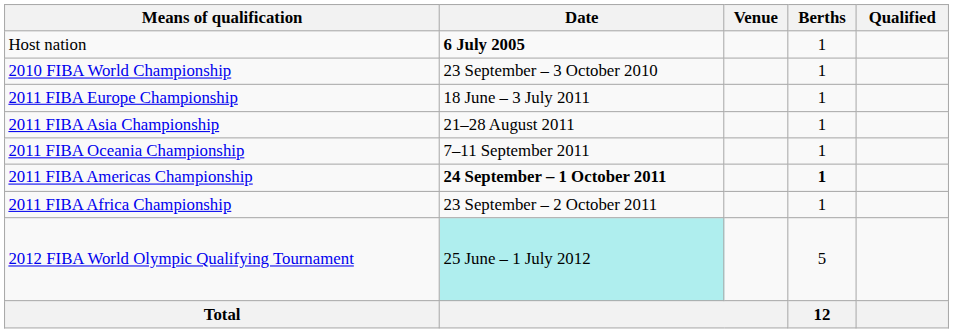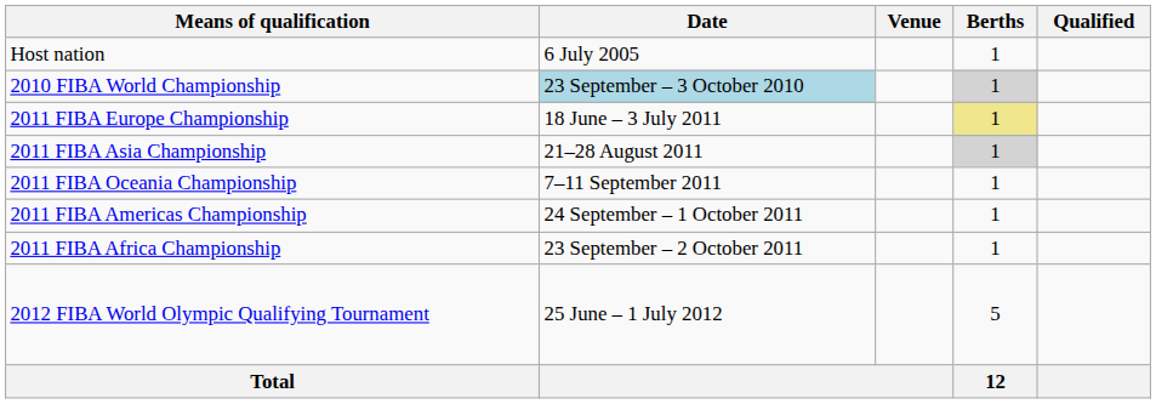 <table class="wikitable" style="width:900px;">
 <tr>
 <th>Means of qualification</th>
 <th>Date</th>
 <th>Venue</th>
 <th>Berths</th>
 <th>Qualified</th>
 </tr>
 <tr>
 <td>Host nation</td>
-<td><strong>6 July 2005</strong></td>
+<td>6 July 2005</td>
 <td></td>
 <td style="text-align:center;">1</td>
 <td></td>
 </tr>
 <tr>
 <td><a href='#'>2010 FIBA World Championship</a></td>
-<td>23 September – 3 October 2010</td>
+<td style="background: lightblue;">23 September – 3 October 2010</td>
 <td></td>
-<td style="text-align:center;">1</td>
+<td style="background: lightgrey; text-align:center;">1</td>
 <td></td>
 </tr>
 <tr>
 <td><a href='#'>2011 FIBA Europe Championship</a></td>
 <td>18 June – 3 July 2011</td>
 <td></td>
-<td style="text-align:center;">1</td>
+<td style="background: khaki; text-align:center;">1</td>
 <td></td>
 </tr>
 <tr>
 <td><a href='#'>2011 FIBA Asia Championship</a></td>
 <td>21–28 August 2011</td>
 <td></td>
-<td style="text-align:center;">1</td>
+<td style="background: lightgrey; text-align:center;">1</td>
 <td></td>
 </tr>
 <tr>
 <td><a href='#'>2011 FIBA Oceania Championship</a></td>
 <td>7–11 September 2011</td>
 <td></td>
 <td style="text-align:center;">1</td>
 <td></td>
 </tr>
 <tr>
 <td><a href='#'>2011 FIBA Americas Championship</a></td>
-<td><strong>24 September – 1 October 2011</strong></td>
+<td>24 September – 1 October 2011</td>
 <td></td>
-<td style="text-align:center;"><strong>1</strong></td>
+<td style="text-align:center;">1</td>
 <td></td>
 </tr>
 <tr>
 <td><a href='#'>2011 FIBA Africa Championship</a></td>
 <td>23 September – 2 October 2011</td>
 <td></td>
 <td style="text-align:center;">1</td>
 <td></td>
 </tr>
 <tr>
 <td><a href='#'>2012 FIBA World Olympic Qualifying Tournament</a></td>
-<td style="background: paleturquoise;">25 June – 1 July 2012</td>
+<td>25 June – 1 July 2012</td>
 <td></td>
 <td style="text-align:center;">5</td>
 <td><br> <br> <br> <br> </td>
 </tr>
 <tr>
 <th>Total</th>
 <th colspan="2"></th>
 <th>12</th>
 <th></th>
 </tr>
 </table>
